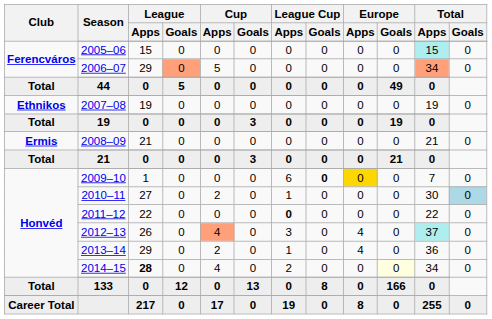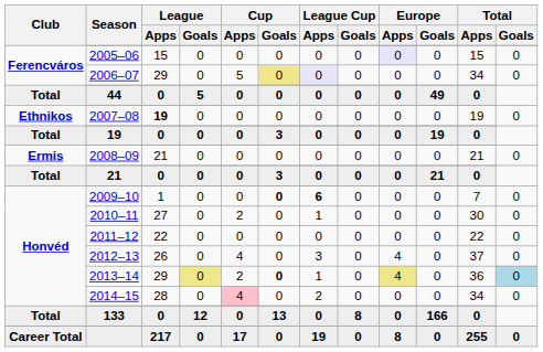 <table class="wikitable" style="font-size:90%; text-align: center;">
 <tr>
 <th rowspan="2">Club</th>
 <th rowspan="2">Season</th>
 <th colspan="2">League</th>
 <th colspan="2">Cup</th>
 <th colspan="2">League Cup</th>
 <th colspan="2">Europe</th>
 <th colspan="2">Total</th>
 </tr>
 <tr>
 <th>Apps</th>
 <th>Goals</th>
 <th>Apps</th>
 <th>Goals</th>
 <th>Apps</th>
 <th>Goals</th>
 <th>Apps</th>
 <th>Goals</th>
 <th>Apps</th>
 <th>Goals</th>
 </tr>
 <tr ||-||-||-|->
 <td rowspan="4" valign="center"><strong><a href='#'>Ferencváros</a></strong></td>
 </tr>
 <tr>
 <td><a href='#'>2005–06</a></td>
 <td>15</td>
 <td>0</td>
 <td>0</td>
 <td>0</td>
 <td>0</td>
 <td>0</td>
+<td style="background: lavender;">0</td>
 <td>0</td>
-<td>0</td>
-<td style="background: paleturquoise;">15</td>
+<td>15</td>
 <td>0</td>
 </tr>
 <tr>
 <td><a href='#'>2006–07</a></td>
 <td>29</td>
-<td style="background: lightsalmon;">0</td>
+<td>0</td>
 <td>5</td>
+<td style="background: khaki;">0</td>
+<td style="background: lavender;">0</td>
 <td>0</td>
 <td>0</td>
 <td>0</td>
-<td>0</td>
-<td>0</td>
-<td style="background: lightsalmon;">34</td>
+<td>34</td>
 <td>0</td>
 </tr>
 <tr>
 </tr>
 <tr style="font-weight:bold; background-color:#eeeeee;">
 <td>Total</td>
 <td>44</td>
 <td>0</td>
 <td>5</td>
 <td>0</td>
 <td>0</td>
 <td>0</td>
 <td>0</td>
 <td>0</td>
 <td>49</td>
 <td>0</td>
 </tr>
 <tr>
 <td rowspan="3" valign="center"><strong><a href='#'>Ethnikos</a></strong></td>
 </tr>
 <tr>
 <td><a href='#'>2007–08</a></td>
-<td>19</td>
+<td><strong>19</strong></td>
 <td>0</td>
 <td>0</td>
 <td>0</td>
 <td>0</td>
 <td>0</td>
 <td>0</td>
 <td>0</td>
 <td>19</td>
 <td>0</td>
 </tr>
 <tr>
 </tr>
 <tr style="font-weight:bold; background-color:#eeeeee;">
 <td>Total</td>
 <td>19</td>
 <td>0</td>
 <td>0</td>
 <td>0</td>
 <td>3</td>
 <td>0</td>
 <td>0</td>
 <td>0</td>
 <td>19</td>
 <td>0</td>
 </tr>
 <tr>
 <td rowspan="3" valign="center"><strong><a href='#'>Ermis</a></strong></td>
 </tr>
 <tr>
 <td><a href='#'>2008–09</a></td>
 <td>21</td>
 <td>0</td>
 <td>0</td>
 <td>0</td>
 <td>0</td>
 <td>0</td>
 <td>0</td>
 <td>0</td>
 <td>21</td>
 <td>0</td>
 </tr>
 <tr>
 </tr>
 <tr style="font-weight:bold; background-color:#eeeeee;">
 <td>Total</td>
 <td>21</td>
 <td>0</td>
 <td>0</td>
 <td>0</td>
 <td>3</td>
 <td>0</td>
 <td>0</td>
 <td>0</td>
 <td>21</td>
 <td>0</td>
 </tr>
 <tr>
 <td rowspan="8" valign="center"><strong><a href='#'>Honvéd</a></strong></td>
 </tr>
 <tr>
 <td><a href='#'>2009–10</a></td>
 <td>1</td>
 <td>0</td>
 <td>0</td>
+<td><strong>0</strong></td>
+<td><strong>6</strong></td>
 <td>0</td>
-<td>6</td>
-<td><strong>0</strong></td>
-<td style="background: gold;">0</td>
+<td>0</td>
 <td>0</td>
 <td>7</td>
 <td>0</td>
 </tr>
 <tr>
 <td><a href='#'>2010–11</a></td>
 <td>27</td>
 <td>0</td>
 <td>2</td>
 <td>0</td>
 <td>1</td>
 <td>0</td>
 <td>0</td>
 <td>0</td>
 <td>30</td>
-<td style="background: lightblue;">0</td>
+<td>0</td>
 </tr>
 <tr>
 <td><a href='#'>2011–12</a></td>
 <td>22</td>
 <td>0</td>
 <td>0</td>
 <td>0</td>
-<td><strong>0</strong></td>
+<td>0</td>
 <td>0</td>
 <td>0</td>
 <td>0</td>
 <td>22</td>
 <td>0</td>
 </tr>
 <tr>
 <td><a href='#'>2012–13</a></td>
 <td>26</td>
 <td>0</td>
-<td style="background: lightsalmon;">4</td>
+<td>4</td>
 <td>0</td>
 <td>3</td>
 <td>0</td>
 <td>4</td>
 <td>0</td>
-<td style="background: paleturquoise;">37</td>
+<td>37</td>
 <td>0</td>
 </tr>
 <tr>
 <td><a href='#'>2013–14</a></td>
 <td>29</td>
-<td>0</td>
+<td style="background: khaki;">0</td>
 <td>2</td>
-<td>0</td>
+<td><strong>0</strong></td>
 <td>1</td>
 <td>0</td>
-<td>4</td>
+<td style="background: khaki;">4</td>
 <td>0</td>
 <td>36</td>
-<td>0</td>
+<td style="background: lightblue;">0</td>
 </tr>
 <tr>
 <td><a href='#'>2014–15</a></td>
-<td><strong>28</strong></td>
+<td>28</td>
 <td>0</td>
-<td>4</td>
+<td style="background: pink;">4</td>
 <td>0</td>
 <td>2</td>
 <td>0</td>
 <td>0</td>
-<td style="background: lightyellow;">0</td>
+<td>0</td>
 <td>34</td>
 <td>0</td>
 </tr>
 <tr>
 </tr>
 <tr style="font-weight:bold; background-color:#eeeeee;">
 <td>Total</td>
 <td>133</td>
 <td>0</td>
 <td>12</td>
 <td>0</td>
 <td>13</td>
 <td>0</td>
 <td>8</td>
 <td>0</td>
 <td>166</td>
 <td>0</td>
 </tr>
 <tr>
 </tr>
 <tr style="font-weight:bold; background-color:#eeeeee;">
 <td rowspan="2" valign="top"><strong>Career Total</strong></td>
 <td></td>
 <td><strong>217</strong></td>
 <td><strong>0</strong></td>
 <td><strong>17</strong></td>
 <td><strong>0</strong></td>
 <td><strong>19</strong></td>
 <td><strong>0</strong></td>
 <td><strong>8</strong></td>
 <td><strong>0</strong></td>
 <td><strong>255</strong></td>
 <td><strong>0</strong></td>
 </tr>
 </table>
